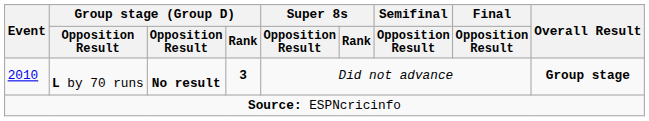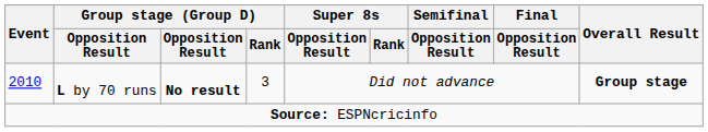 <table class=wikitable style=font-size:90%;text-align:center>
 <tr>
 <th rowspan=2>Event</th>
 <th colspan=3>Group stage (Group D)</th>
 <th colspan=2>Super 8s</th>
 <th>Semifinal</th>
 <th>Final</th>
 <th rowspan=2>Overall Result</th>
 </tr>
 <tr style=font-size:95%>
 <th>Opposition<br>Result</th>
 <th>Opposition<br>Result</th>
 <th>Rank</th>
 <th>Opposition<br>Result</th>
 <th>Rank</th>
 <th>Opposition<br>Result</th>
 <th>Opposition<br>Result</th>
 </tr>
 <tr>
 <td align=left><a href='#'>2010</a></td>
 <td><br><strong>L</strong> by 70 runs</td>
 <td><br><strong>No result</strong></td>
-<td><strong>3</strong></td>
+<td>3</td>
 <td colspan=4><em>Did not advance</em></td>
 <td><strong>Group stage</strong></td>
 </tr>
 <tr>
 <td colspan="11"><strong>Source:</strong> ESPNcricinfo</td>
 </tr>
 </table>
